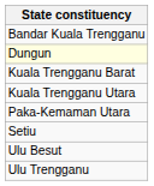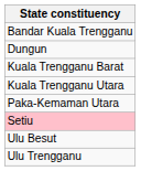 <table class=wikitable>
 <tr>
 <th>State constituency</th>
 </tr>
 <tr>
 <td>Bandar Kuala Trengganu</td>
 </tr>
 <tr>
-<td style="background: lightyellow;">Dungun</td>
+<td>Dungun</td>
 </tr>
 <tr>
 <td>Kuala Trengganu Barat</td>
 </tr>
 <tr>
 <td>Kuala Trengganu Utara</td>
 </tr>
 <tr>
 <td>Paka-Kemaman Utara</td>
 </tr>
 <tr>
-<td>Setiu</td>
+<td style="background: pink;">Setiu</td>
 </tr>
 <tr>
 <td>Ulu Besut</td>
 </tr>
 <tr>
 <td>Ulu Trengganu</td>
 </tr>
 </table>
